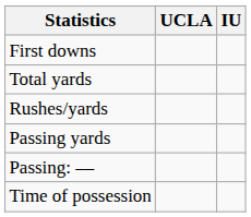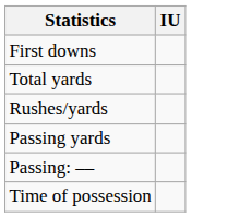 <table class="wikitable" style="float:left">
 <tr>
 <th>Statistics</th>
-<th>UCLA</th>
 <th>IU</th>
 </tr>
 <tr>
 <td>First downs</td>
 <td></td>
-<td></td>
 </tr>
 <tr>
 <td>Total yards</td>
-<td></td>
 <td></td>
 </tr>
 <tr>
 <td>Rushes/yards</td>
 <td></td>
-<td></td>
 </tr>
 <tr>
 <td>Passing yards</td>
-<td></td>
 <td></td>
 </tr>
 <tr>
 <td>Passing: ––</td>
 <td></td>
-<td></td>
 </tr>
 <tr>
 <td>Time of possession</td>
 <td></td>
-<td></td>
 </tr>
 </table>
